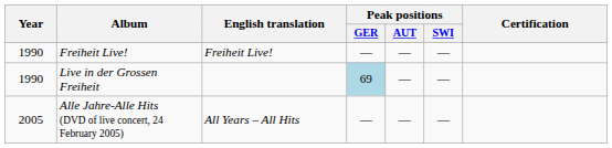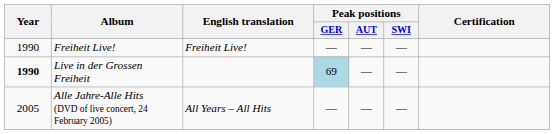 <table class="wikitable">
 <tr>
 <th align="center" rowspan="2" width="60">Year</th>
 <th align="center" rowspan="2" width="180">Album</th>
 <th align="center" rowspan="2" width="180">English translation</th>
 <th align="center" colspan="3">Peak positions</th>
 <th align="center" rowspan="2" width="180">Certification</th>
 </tr>
 <tr>
 <th scope="col" style="width:3em;font-size:90%;"><a href='#'>GER</a><br></th>
 <th scope="col" style="width:3em;font-size:90%;"><a href='#'>AUT</a><br></th>
 <th scope="col" style="width:3em;font-size:90%;"><a href='#'>SWI</a><br></th>
 </tr>
 <tr>
 <td align="center">1990</td>
 <td><em>Freiheit Live!</em></td>
 <td><em>Freiheit Live!</em></td>
 <td align="center">—</td>
 <td align="center">—</td>
 <td align="center">—</td>
 <td align="center"></td>
 </tr>
 <tr>
-<td align="center">1990</td>
+<td align="center"><strong>1990</strong></td>
 <td><em>Live in der Grossen Freiheit</em></td>
 <td></td>
 <td align="center" style="background: lightblue;">69</td>
 <td align="center">—</td>
 <td align="center">—</td>
 <td align="center"></td>
 </tr>
 <tr>
 <td align="center">2005</td>
 <td><em>Alle Jahre-Alle Hits</em><br><small>(DVD of live concert, 24 February 2005)</small></td>
 <td><em>All Years – All Hits</em></td>
 <td align="center">—</td>
 <td align="center">—</td>
 <td align="center">—</td>
 <td align="center"></td>
 </tr>
 </table>
